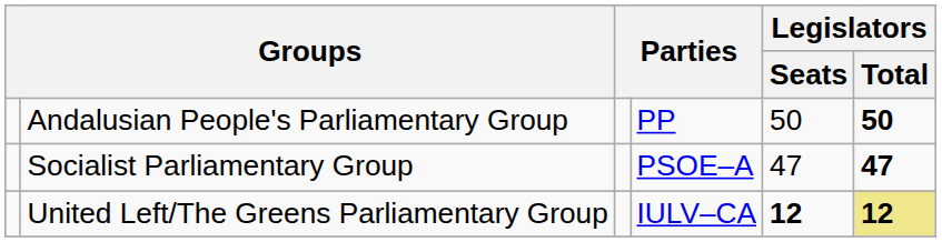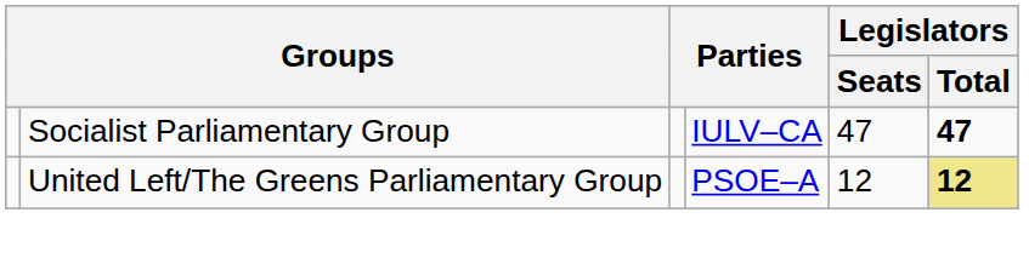 <table class="wikitable" style="text-align:left;">
 <tr>
 <th rowspan="2" colspan="2">Groups</th>
 <th rowspan="2" colspan="2">Parties</th>
 <th colspan="2">Legislators</th>
 </tr>
 <tr>
 <th>Seats</th>
 <th>Total</th>
 </tr>
 <tr>
-<td width="1" style="color:inherit;background:"></td>
-<td>Andalusian People's Parliamentary Group</td>
-<td width="1" style="color:inherit;background:"></td>
-<td><a href='#'>PP</a></td>
-<td>50</td>
-<td><strong>50</strong></td>
-</tr>
-<tr>
 <td style="color:inherit;background:"></td>
 <td>Socialist Parliamentary Group</td>
 <td style="color:inherit;background:"></td>
-<td><a href='#'>PSOE–A</a></td>
+<td><a href='#'>IULV–CA</a></td>
 <td>47</td>
 <td><strong>47</strong></td>
 </tr>
 <tr>
 <td style="color:inherit;background:"></td>
 <td>United Left/The Greens Parliamentary Group</td>
 <td style="color:inherit;background:"></td>
-<td><a href='#'>IULV–CA</a></td>
-<td><strong>12</strong></td>
+<td><a href='#'>PSOE–A</a></td>
+<td>12</td>
 <td style="background: khaki;"><strong>12</strong></td>
 </tr>
 </table>
